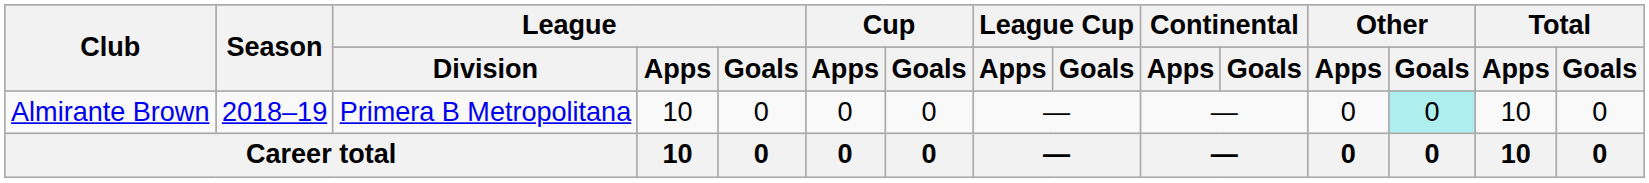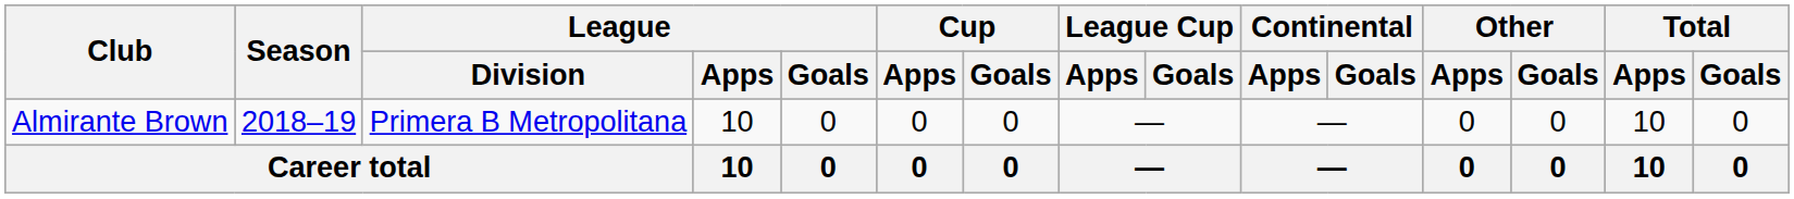 <table class="wikitable" style="text-align:center">
 <tr>
 <th rowspan="2">Club</th>
 <th rowspan="2">Season</th>
 <th colspan="3">League</th>
 <th colspan="2">Cup</th>
 <th colspan="2">League Cup</th>
 <th colspan="2">Continental</th>
 <th colspan="2">Other</th>
 <th colspan="2">Total</th>
 </tr>
 <tr>
 <th>Division</th>
 <th>Apps</th>
 <th>Goals</th>
 <th>Apps</th>
 <th>Goals</th>
 <th>Apps</th>
 <th>Goals</th>
 <th>Apps</th>
 <th>Goals</th>
 <th>Apps</th>
 <th>Goals</th>
 <th>Apps</th>
 <th>Goals</th>
 </tr>
 <tr>
 <td rowspan="1"><a href='#'>Almirante Brown</a></td>
 <td><a href='#'>2018–19</a></td>
 <td rowspan="1"><a href='#'>Primera B Metropolitana</a></td>
 <td>10</td>
 <td>0</td>
 <td>0</td>
 <td>0</td>
 <td colspan="2">—</td>
 <td colspan="2">—</td>
 <td>0</td>
-<td style="background: paleturquoise;">0</td>
+<td>0</td>
 <td>10</td>
 <td>0</td>
 </tr>
 <tr>
 <th colspan="3">Career total</th>
 <th>10</th>
 <th>0</th>
 <th>0</th>
 <th>0</th>
 <th colspan="2">—</th>
 <th colspan="2">—</th>
 <th>0</th>
 <th>0</th>
 <th>10</th>
 <th>0</th>
 </tr>
 </table>
